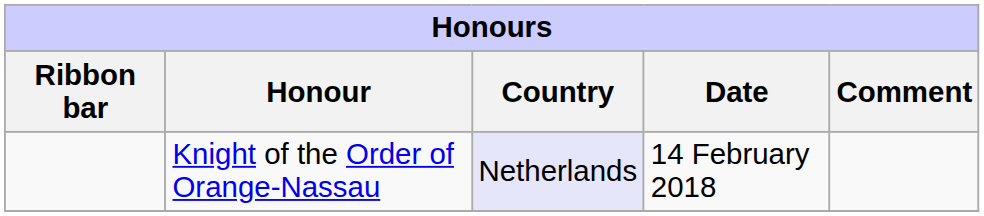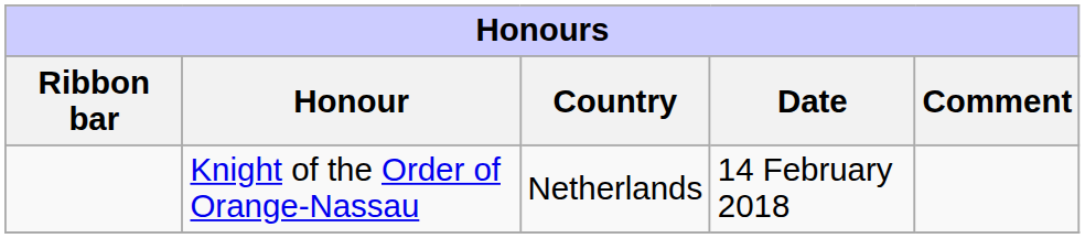 <table class="wikitable" style="width:60%;">
 <tr style="background:#ccf; text-align:center;">
 <td colspan=5><strong>Honours</strong></td>
 </tr>
 <tr>
 <th style="width:80px;">Ribbon bar</th>
 <th>Honour</th>
 <th>Country</th>
 <th>Date</th>
 <th>Comment</th>
 </tr>
 <tr>
 <td></td>
 <td><a href='#'>Knight</a> of the <a href='#'>Order of Orange-Nassau</a></td>
-<td style="background: lavender;">Netherlands</td>
+<td>Netherlands</td>
 <td>14 February 2018</td>
 <td></td>
 </tr>
 <tr>
 </tr>
 </table>
